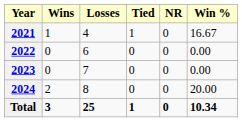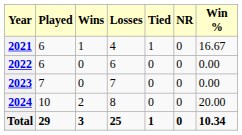 <table class="wikitable" style="width:25%;">
 <tr>
 <th style="background:#ffc;">Year</th>
+<th style="background:#ffc;">Played</th>
 <th style="background:#ffc;">Wins</th>
 <th style="background:#ffc;">Losses</th>
 <th style="background:#ffc;">Tied</th>
 <th style="background:#ffc;">NR</th>
 <th style="background:#ffc;">Win %</th>
 </tr>
 <tr>
 <th><a href='#'>2021</a></th>
+<td>6</td>
 <td>1</td>
 <td>4</td>
 <td>1</td>
 <td>0</td>
 <td>16.67</td>
 </tr>
 <tr>
 <th><a href='#'>2022</a></th>
+<td>6</td>
 <td>0</td>
 <td>6</td>
 <td>0</td>
 <td>0</td>
 <td>0.00</td>
 </tr>
 <tr>
 <th><a href='#'>2023</a></th>
+<td>7</td>
 <td>0</td>
 <td>7</td>
 <td>0</td>
 <td>0</td>
 <td>0.00</td>
 </tr>
 <tr>
 <th><a href='#'>2024</a></th>
+<td>10</td>
 <td>2</td>
 <td>8</td>
 <td>0</td>
 <td>0</td>
 <td>20.00</td>
 </tr>
 <tr>
 <th>Total</th>
+<td><strong>29</strong></td>
 <td><strong>3</strong></td>
 <td><strong>25</strong></td>
 <td><strong>1</strong></td>
 <td><strong>0</strong></td>
 <td><strong>10.34</strong></td>
 </tr>
 </table>
